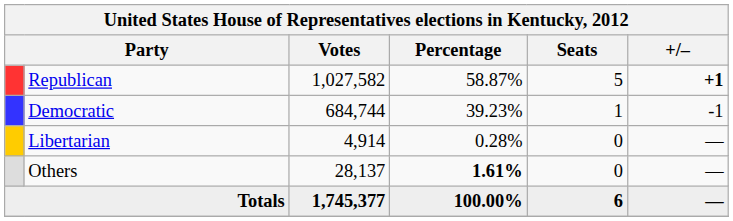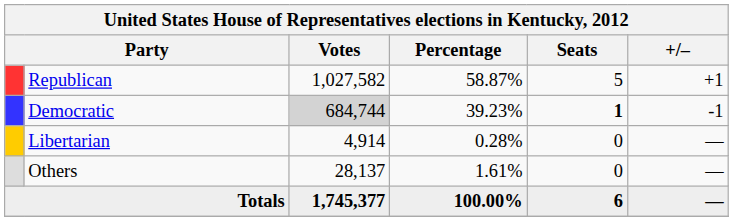 <table class="wikitable" style="font-size: 95%;">
 <tr>
 <th colspan="6">United States House of Representatives elections in Kentucky, 2012</th>
 </tr>
 <tr>
 <th colspan=2 style="width: 15em">Party</th>
 <th style="width: 5em">Votes</th>
 <th style="width: 7em">Percentage</th>
 <th style="width: 5em">Seats</th>
 <th style="width: 5em">+/–</th>
 </tr>
 <tr>
 <th style="background-color:#FF3333; width: 3px"></th>
 <td style="width: 130px"><a href='#'>Republican</a></td>
 <td align="right">1,027,582</td>
 <td align="right">58.87%</td>
 <td align="right">5</td>
-<td align="right"><strong>+1</strong></td>
+<td align="right">+1</td>
 </tr>
 <tr>
 <th style="background-color:#3333FF; width: 3px"></th>
 <td style="width: 130px"><a href='#'>Democratic</a></td>
-<td align="right">684,744</td>
+<td align="right" style="background: lightgrey;">684,744</td>
 <td align="right">39.23%</td>
-<td align="right">1</td>
+<td align="right"><strong>1</strong></td>
 <td align="right">-1</td>
 </tr>
 <tr>
 <th style="background-color:#FFCC00; width: 3px"></th>
 <td style="width: 130px"><a href='#'>Libertarian</a></td>
 <td align="right">4,914</td>
 <td align="right">0.28%</td>
 <td align="right">0</td>
 <td align="right">—</td>
 </tr>
 <tr>
 <th style="background-color:#DDDDDD; width: 3px"></th>
 <td style="width: 130px">Others</td>
 <td align="right">28,137</td>
-<td align="right"><strong>1.61%</strong></td>
+<td align="right">1.61%</td>
 <td align="right">0</td>
 <td align="right">—</td>
 </tr>
 <tr bgcolor="#EEEEEE">
 <td colspan="2" align="right"><strong>Totals</strong></td>
 <td align="right"><strong>1,745,377</strong></td>
 <td align="right"><strong>100.00%</strong></td>
 <td align="right"><strong>6</strong></td>
 <td align="right"><strong>—</strong></td>
 </tr>
 <tr bgcolor="#EEEEEE">
 </tr>
 </table>
